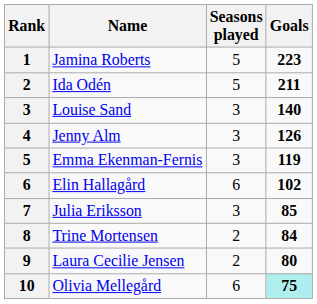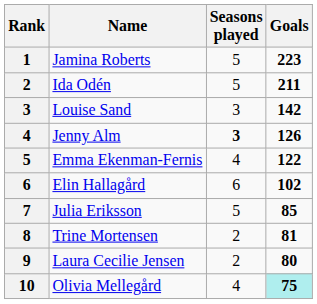 <table class="wikitable" style="text-align: center">
 <tr>
 <th>Rank</th>
 <th class="unsortable">Name</th>
 <th>Seasons<br>played</th>
 <th>Goals</th>
 </tr>
 <tr>
 <th rowspan="1">1</th>
 <td style="text-align: left;"> <a href='#'>Jamina Roberts</a></td>
 <td>5</td>
 <td><strong>223</strong></td>
 </tr>
 <tr>
 <th rowspan="1">2</th>
 <td style="text-align: left;"> <a href='#'>Ida Odén</a></td>
 <td>5</td>
 <td><strong>211</strong></td>
 </tr>
 <tr>
 <th rowspan="1">3</th>
 <td style="text-align: left;"> <a href='#'>Louise Sand</a></td>
 <td>3</td>
-<td><strong>140</strong></td>
+<td><strong>142</strong></td>
 </tr>
 <tr>
 <th rowspan="1">4</th>
 <td style="text-align: left;"> <a href='#'>Jenny Alm</a></td>
-<td>3</td>
+<td><strong>3</strong></td>
 <td><strong>126</strong></td>
 </tr>
 <tr>
 <th rowspan="1">5</th>
 <td style="text-align: left;"> <a href='#'>Emma Ekenman-Fernis</a></td>
-<td>3</td>
-<td><strong>119</strong></td>
+<td>4</td>
+<td><strong>122</strong></td>
 </tr>
 <tr>
 <th rowspan="1">6</th>
 <td style="text-align: left;"> <a href='#'>Elin Hallagård</a></td>
 <td>6</td>
 <td><strong>102</strong></td>
 </tr>
 <tr>
 <th rowspan="1">7</th>
 <td style="text-align: left;"> <a href='#'>Julia Eriksson</a></td>
-<td>3</td>
+<td>5</td>
 <td><strong>85</strong></td>
 </tr>
 <tr>
 <th rowspan="1">8</th>
 <td style="text-align: left;"> <a href='#'>Trine Mortensen</a></td>
 <td>2</td>
-<td><strong>84</strong></td>
+<td><strong>81</strong></td>
 </tr>
 <tr>
 <th rowspan="1">9</th>
 <td style="text-align: left;"> <a href='#'>Laura Cecilie Jensen</a></td>
 <td>2</td>
 <td><strong>80</strong></td>
 </tr>
 <tr>
 <th rowspan="1">10</th>
 <td style="text-align: left;"> <a href='#'>Olivia Mellegård</a></td>
-<td>6</td>
+<td>4</td>
 <td style="background: paleturquoise;"><strong>75</strong></td>
 </tr>
 </table>
